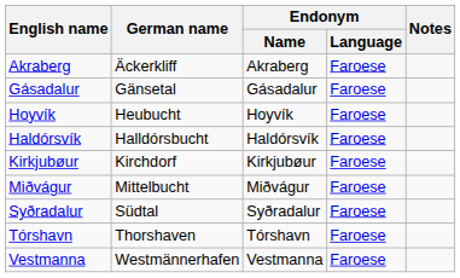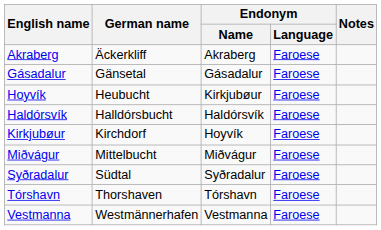 <table class="wikitable sortable mw-collapsible">
 <tr>
 <th rowspan="2">English name</th>
 <th rowspan="2">German name</th>
 <th colspan="2">Endonym</th>
 <th rowspan="2">Notes</th>
 </tr>
 <tr>
 <th>Name</th>
 <th>Language</th>
 </tr>
 <tr>
 <td><a href='#'>Akraberg</a></td>
 <td>Äckerkliff</td>
 <td>Akraberg</td>
 <td><a href='#'>Faroese</a></td>
 <td></td>
 </tr>
 <tr>
 <td><a href='#'>Gásadalur</a></td>
 <td>Gänsetal</td>
 <td>Gásadalur</td>
 <td><a href='#'>Faroese</a></td>
 <td></td>
 </tr>
 <tr>
 <td><a href='#'>Hoyvík</a></td>
 <td>Heubucht</td>
-<td>Hoyvík</td>
+<td>Kirkjubøur</td>
 <td><a href='#'>Faroese</a></td>
 <td></td>
 </tr>
 <tr>
 <td><a href='#'>Haldórsvík</a></td>
 <td>Halldórsbucht</td>
 <td>Haldórsvík</td>
 <td><a href='#'>Faroese</a></td>
 <td></td>
 </tr>
 <tr>
 <td><a href='#'>Kirkjubøur</a></td>
 <td>Kirchdorf</td>
-<td>Kirkjubøur</td>
+<td>Hoyvík</td>
 <td><a href='#'>Faroese</a></td>
 <td></td>
 </tr>
 <tr>
 <td><a href='#'>Miðvágur</a></td>
 <td>Mittelbucht</td>
 <td>Miðvágur</td>
 <td><a href='#'>Faroese</a></td>
 <td></td>
 </tr>
 <tr>
 <td><a href='#'>Syðradalur</a></td>
 <td>Südtal</td>
 <td>Syðradalur</td>
 <td><a href='#'>Faroese</a></td>
 <td></td>
 </tr>
 <tr>
 <td><a href='#'>Tórshavn</a></td>
 <td>Thorshaven</td>
 <td>Tórshavn</td>
 <td><a href='#'>Faroese</a></td>
 <td></td>
 </tr>
 <tr>
 <td><a href='#'>Vestmanna</a></td>
 <td>Westmännerhafen</td>
 <td>Vestmanna</td>
 <td><a href='#'>Faroese</a></td>
 <td></td>
 </tr>
 </table>
